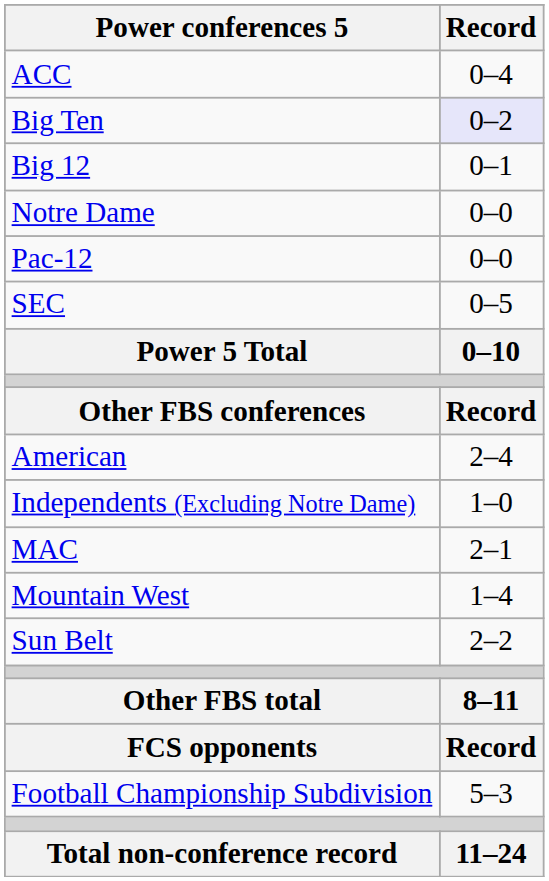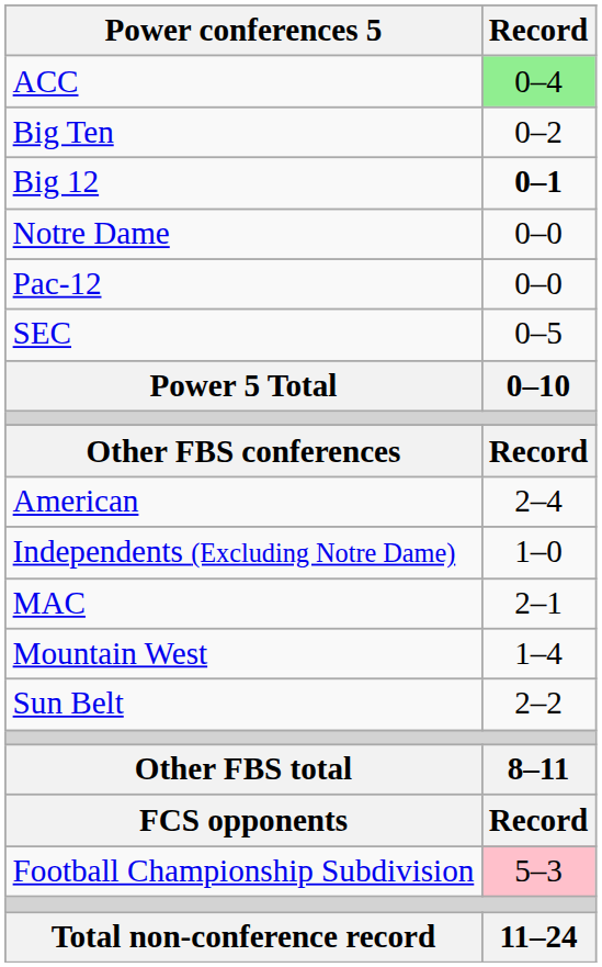 <table class="wikitable">
 <tr>
 <th>Power conferences 5</th>
 <th>Record</th>
 </tr>
 <tr>
 <td><a href='#'>ACC</a></td>
-<td align=center>0–4</td>
+<td align=center style="background: lightgreen;">0–4</td>
 </tr>
 <tr>
 <td><a href='#'>Big Ten</a></td>
-<td align=center style="background: lavender;">0–2</td>
+<td align=center>0–2</td>
 </tr>
 <tr>
 <td><a href='#'>Big 12</a></td>
-<td align=center>0–1</td>
+<td align=center><strong>0–1</strong></td>
 </tr>
 <tr>
 <td><a href='#'>Notre Dame</a></td>
 <td align=center>0–0</td>
 </tr>
 <tr>
 <td><a href='#'>Pac-12</a></td>
 <td align=center>0–0</td>
 </tr>
 <tr>
 <td><a href='#'>SEC</a></td>
 <td align=center>0–5</td>
 </tr>
 <tr>
 <th>Power 5 Total</th>
 <th>0–10</th>
 </tr>
 <tr>
 <th colspan="2" style="background:lightgrey;"></th>
 </tr>
 <tr>
 <th>Other FBS conferences</th>
 <th>Record</th>
 </tr>
 <tr>
 <td><a href='#'>American</a></td>
 <td align=center>2–4</td>
 </tr>
 <tr>
 <td><a href='#'>Independents <small>(Excluding Notre Dame)</small></a></td>
 <td align=center>1–0</td>
 </tr>
 <tr>
 <td><a href='#'>MAC</a></td>
 <td align=center>2–1</td>
 </tr>
 <tr>
 <td><a href='#'>Mountain West</a></td>
 <td align=center>1–4</td>
 </tr>
 <tr>
 <td><a href='#'>Sun Belt</a></td>
 <td align=center>2–2</td>
 </tr>
 <tr>
 <th colspan="2" style="background:lightgrey;"></th>
 </tr>
 <tr>
 <th>Other FBS total</th>
 <th>8–11</th>
 </tr>
 <tr>
 <th>FCS opponents</th>
 <th>Record</th>
 </tr>
 <tr>
 <td><a href='#'>Football Championship Subdivision</a></td>
-<td align=center>5–3</td>
+<td align=center style="background: pink;">5–3</td>
 </tr>
 <tr>
 <th colspan="2" style="background:lightgrey;"></th>
 </tr>
 <tr>
 <th>Total non-conference record</th>
 <th>11–24</th>
 </tr>
 </table>
